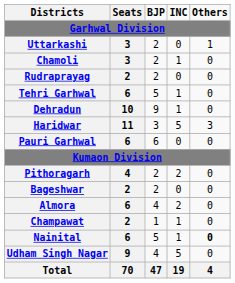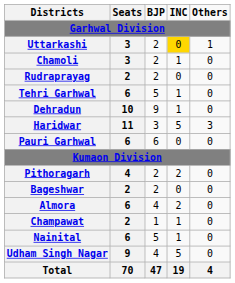 <table class="wikitable sortable" style="text-align:center;">
 <tr>
 <th>Districts</th>
 <th>Seats</th>
 <td><span><strong>BJP</strong></span></td>
 <td><span><strong>INC</strong></span></td>
 <td><span><strong>Others</strong></span></td>
 </tr>
 <tr>
 <td colspan="6" align="center" bgcolor="grey"><a href='#'><span><strong>Garhwal Division</strong></span></a></td>
 </tr>
 <tr>
 <th><a href='#'>Uttarkashi</a></th>
 <th>3</th>
 <td style="background:">2</td>
-<td>0</td>
+<td style="background: gold;">0</td>
 <td>1</td>
 </tr>
 <tr>
 <th><a href='#'>Chamoli</a></th>
 <th>3</th>
 <td style="background:">2</td>
 <td>1</td>
 <td>0</td>
 </tr>
 <tr>
 <th><a href='#'>Rudraprayag</a></th>
 <th>2</th>
 <td style="background:">2</td>
 <td>0</td>
 <td>0</td>
 </tr>
 <tr>
 <th><a href='#'>Tehri Garhwal</a></th>
 <th>6</th>
 <td style="background:">5</td>
 <td>1</td>
 <td>0</td>
 </tr>
 <tr>
 <th><a href='#'>Dehradun</a></th>
 <th>10</th>
 <td style="background:">9</td>
 <td>1</td>
 <td>0</td>
 </tr>
 <tr>
 <th><a href='#'>Haridwar</a></th>
 <th>11</th>
 <td>3</td>
 <td style="background:">5</td>
 <td>3</td>
 </tr>
 <tr>
 <th><a href='#'>Pauri Garhwal</a></th>
 <th>6</th>
 <td style="background:">6</td>
 <td>0</td>
 <td>0</td>
 </tr>
 <tr>
 <td colspan="6" align="center" bgcolor="grey"><a href='#'><span><strong>Kumaon Division</strong></span></a></td>
 </tr>
 <tr>
 <th><a href='#'>Pithoragarh</a></th>
 <th>4</th>
 <td>2</td>
 <td>2</td>
 <td>0</td>
 </tr>
 <tr>
 <th><a href='#'>Bageshwar</a></th>
 <th>2</th>
 <td style="background:">2</td>
 <td>0</td>
 <td>0</td>
 </tr>
 <tr>
 <th><a href='#'>Almora</a></th>
 <th>6</th>
 <td style="background:">4</td>
 <td>2</td>
 <td>0</td>
 </tr>
 <tr>
 <th><a href='#'>Champawat</a></th>
 <th>2</th>
 <td>1</td>
 <td>1</td>
 <td>0</td>
 </tr>
 <tr>
 <th><a href='#'>Nainital</a></th>
 <th>6</th>
 <td style="background:">5</td>
 <td>1</td>
-<td><strong>0</strong></td>
+<td>0</td>
 </tr>
 <tr>
 <th><a href='#'>Udham Singh Nagar</a></th>
 <th>9</th>
 <td>4</td>
 <td style="background:">5</td>
 <td>0</td>
 </tr>
 <tr>
 <th>Total</th>
 <th>70</th>
 <th>47</th>
 <th>19</th>
 <th>4</th>
 </tr>
 </table>
